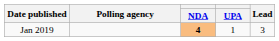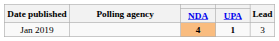 <table class="wikitable sortable" style="text-align:center;font-size:95%;line-height:16px">
 <tr>
 <th rowspan="2" width="100px">Date published</th>
 <th rowspan="2" width="175px">Polling agency</th>
 <th style="background:"></th>
 <th style="background:"></th>
 <th rowspan="2">Lead</th>
 </tr>
 <tr>
 <th width="50px" class="unsortable"><a href='#'>NDA</a></th>
 <th width="50px" class="unsortable"><a href='#'>UPA</a></th>
 </tr>
 <tr>
 <td>Jan 2019</td>
 <td></td>
 <td style="background:#F9BC7F"><strong>4</strong></td>
-<td>1</td>
+<td><strong>1</strong></td>
 <td style="background:"><span>3</span></td>
 </tr>
 </table>
